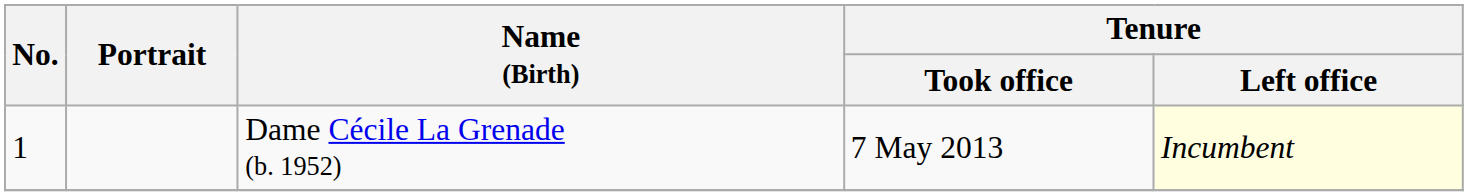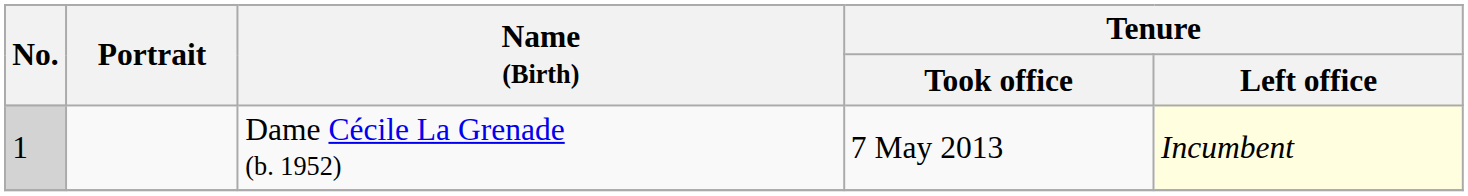 <table class="wikitable">
 <tr>
 <th scope="col" style="width:20px;" rowspan="2">No.</th>
 <th scope="col" style="width:80px;" rowspan="2">Portrait</th>
 <th scope="col" style="width:300px;" rowspan="2">Name<br><small>(Birth)</small></th>
 <th scope="col" style="width:300px;" colspan="2">Tenure</th>
 </tr>
 <tr>
 <th scope="col" style="width:150px;">Took office</th>
 <th scope="col" style="width:150px;">Left office</th>
 </tr>
 <tr>
-<td>1</td>
+<td style="background: lightgrey;">1</td>
 <td style="text-align: center;"></td>
 <td>Dame <a href='#'>Cécile La Grenade</a><br><small>(b. 1952)</small></td>
 <td>7 May 2013</td>
 <td style="background: lightyellow;"><em>Incumbent</em></td>
 </tr>
 <tr>
 </tr>
 </table>
